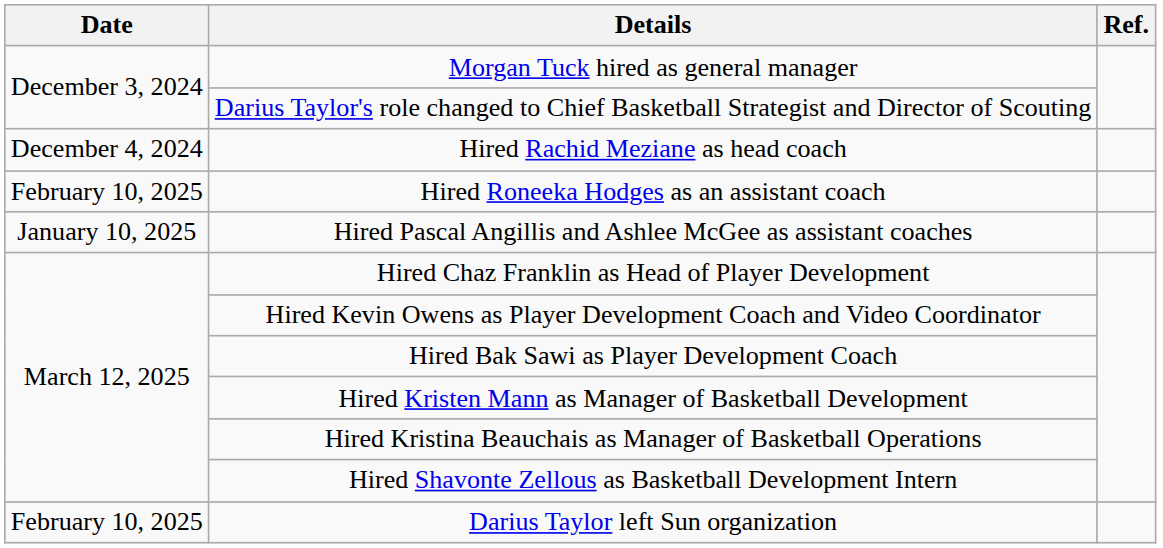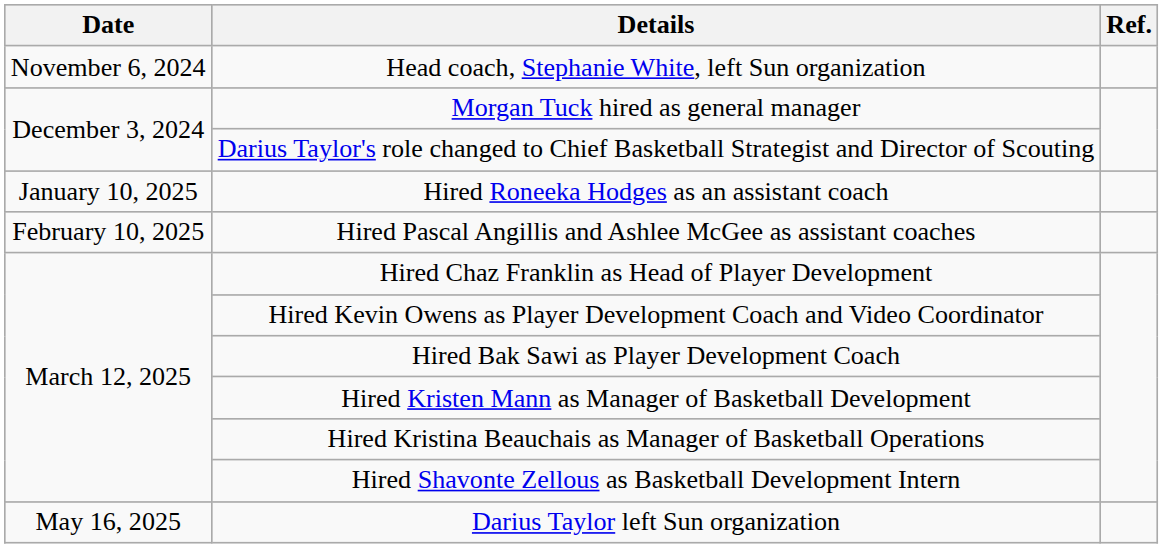 <table class="wikitable sortable sortable" style="text-align: center">
 <tr>
 <th>Date</th>
 <th>Details</th>
 <th>Ref.</th>
+</tr>
+<tr>
+<td>November 6, 2024</td>
+<td>Head coach, <a href='#'>Stephanie White</a>, left Sun organization</td>
+<td></td>
 </tr>
 <tr>
 <td rowspan=2>December 3, 2024</td>
 <td><a href='#'>Morgan Tuck</a> hired as general manager</td>
 <td rowspan=2></td>
 </tr>
 <tr>
 <td><a href='#'>Darius Taylor's</a> role changed to Chief Basketball Strategist and Director of Scouting</td>
 </tr>
 <tr>
-<td>December 4, 2024</td>
-<td>Hired <a href='#'>Rachid Meziane</a> as head coach</td>
+<td>January 10, 2025</td>
+<td>Hired <a href='#'>Roneeka Hodges</a> as an assistant coach</td>
 <td></td>
 </tr>
 <tr>
 <td>February 10, 2025</td>
-<td>Hired <a href='#'>Roneeka Hodges</a> as an assistant coach</td>
-<td></td>
-</tr>
-<tr>
-<td>January 10, 2025</td>
 <td>Hired Pascal Angillis and Ashlee McGee as assistant coaches</td>
 <td></td>
 </tr>
 <tr>
 <td rowspan=6>March 12, 2025</td>
 <td>Hired Chaz Franklin as Head of Player Development</td>
 <td rowspan=6></td>
 </tr>
 <tr>
 <td>Hired Kevin Owens as Player Development Coach and Video Coordinator</td>
 </tr>
 <tr>
 <td>Hired Bak Sawi as Player Development Coach</td>
 </tr>
 <tr>
 <td>Hired <a href='#'>Kristen Mann</a> as Manager of Basketball Development</td>
 </tr>
 <tr>
 <td>Hired Kristina Beauchais as Manager of Basketball Operations</td>
 </tr>
 <tr>
 <td>Hired <a href='#'>Shavonte Zellous</a> as Basketball Development Intern</td>
 </tr>
 <tr>
-<td>February 10, 2025</td>
+<td>May 16, 2025</td>
 <td><a href='#'>Darius Taylor</a> left Sun organization</td>
 <td></td>
 </tr>
 </table>
